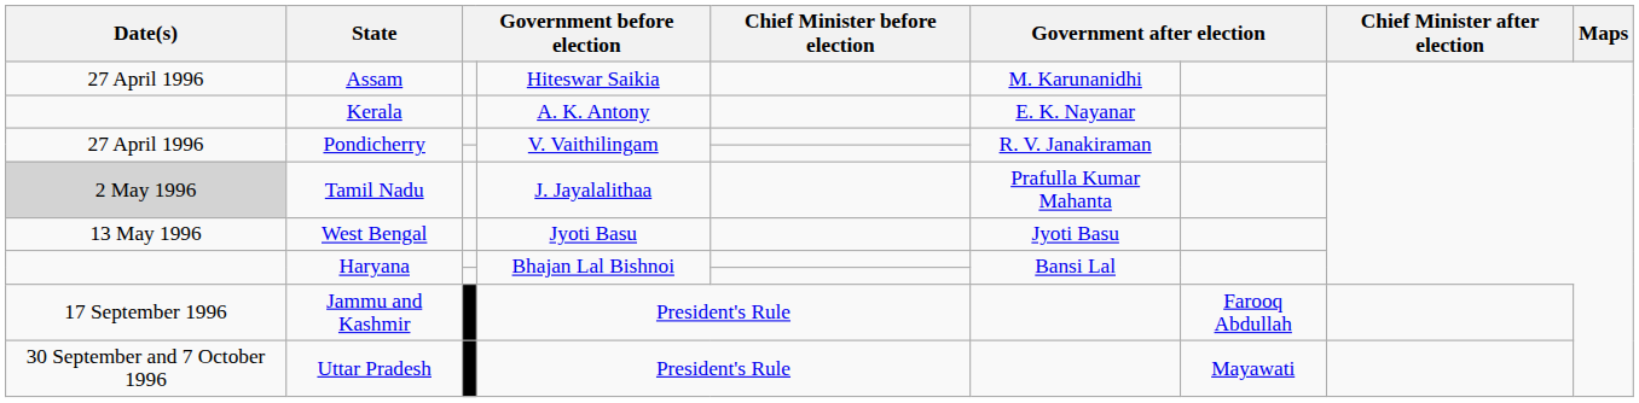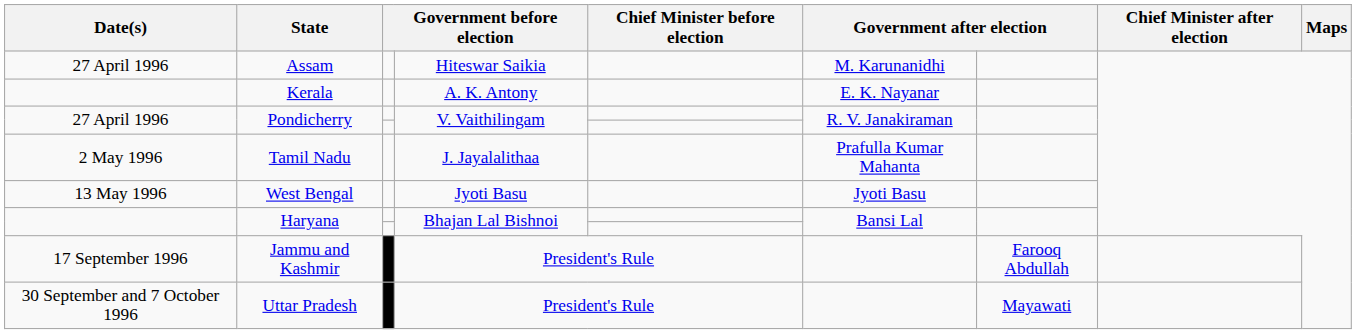 <table class="wikitable sortable" style="text-align:center;">
 <tr>
 <th>Date(s)</th>
 <th>State</th>
 <th colspan="2">Government before election</th>
 <th>Chief Minister before election</th>
 <th colspan="2">Government after election</th>
 <th>Chief Minister after election</th>
 <th>Maps</th>
 </tr>
 <tr>
 <td>27 April 1996</td>
 <td><a href='#'>Assam</a></td>
 <td></td>
 <td><a href='#'>Hiteswar Saikia</a></td>
 <td></td>
 <td><a href='#'>M. Karunanidhi</a></td>
 <td></td>
 </tr>
 <tr>
 <td></td>
 <td><a href='#'>Kerala</a></td>
 <td></td>
 <td><a href='#'>A. K. Antony</a></td>
 <td></td>
 <td><a href='#'>E. K. Nayanar</a></td>
 <td></td>
 </tr>
 <tr>
 <td rowspan="2">27 April 1996</td>
 <td rowspan="2"><a href='#'>Pondicherry</a></td>
 <td></td>
 <td rowspan="2"><a href='#'>V. Vaithilingam</a></td>
 <td></td>
 <td rowspan="2"><a href='#'>R. V. Janakiraman</a></td>
 <td rowspan="2"></td>
 </tr>
 <tr>
 <td></td>
 <td></td>
 </tr>
 <tr>
-<td style="background: lightgrey;">2 May 1996</td>
+<td>2 May 1996</td>
 <td><a href='#'>Tamil Nadu</a></td>
 <td></td>
 <td><a href='#'>J. Jayalalithaa</a></td>
 <td></td>
 <td><a href='#'>Prafulla Kumar Mahanta</a></td>
 <td></td>
 </tr>
 <tr>
 <td>13 May 1996</td>
 <td><a href='#'>West Bengal</a></td>
 <td></td>
 <td><a href='#'>Jyoti Basu</a></td>
 <td></td>
 <td><a href='#'>Jyoti Basu</a></td>
 <td></td>
 </tr>
 <tr>
 <td rowspan="2"></td>
 <td rowspan="2"><a href='#'>Haryana</a></td>
 <td></td>
 <td rowspan="2"><a href='#'>Bhajan Lal Bishnoi</a></td>
 <td></td>
 <td rowspan="2"><a href='#'>Bansi Lal</a></td>
 <td rowspan="2"></td>
 </tr>
 <tr>
 <td></td>
 </tr>
 <tr>
 <td>17 September 1996</td>
 <td><a href='#'>Jammu and Kashmir</a></td>
 <td bgcolor="#000000"></td>
 <td colspan="2" align="center"><a href='#'>President's Rule</a></td>
 <td></td>
 <td><a href='#'>Farooq Abdullah</a></td>
 <td></td>
 </tr>
 <tr>
 <td>30 September and 7 October 1996</td>
 <td><a href='#'>Uttar Pradesh</a></td>
 <td bgcolor="#000000"></td>
 <td colspan="2" align="center"><a href='#'>President's Rule</a></td>
 <td></td>
 <td><a href='#'>Mayawati</a></td>
 <td></td>
 </tr>
 </table>
